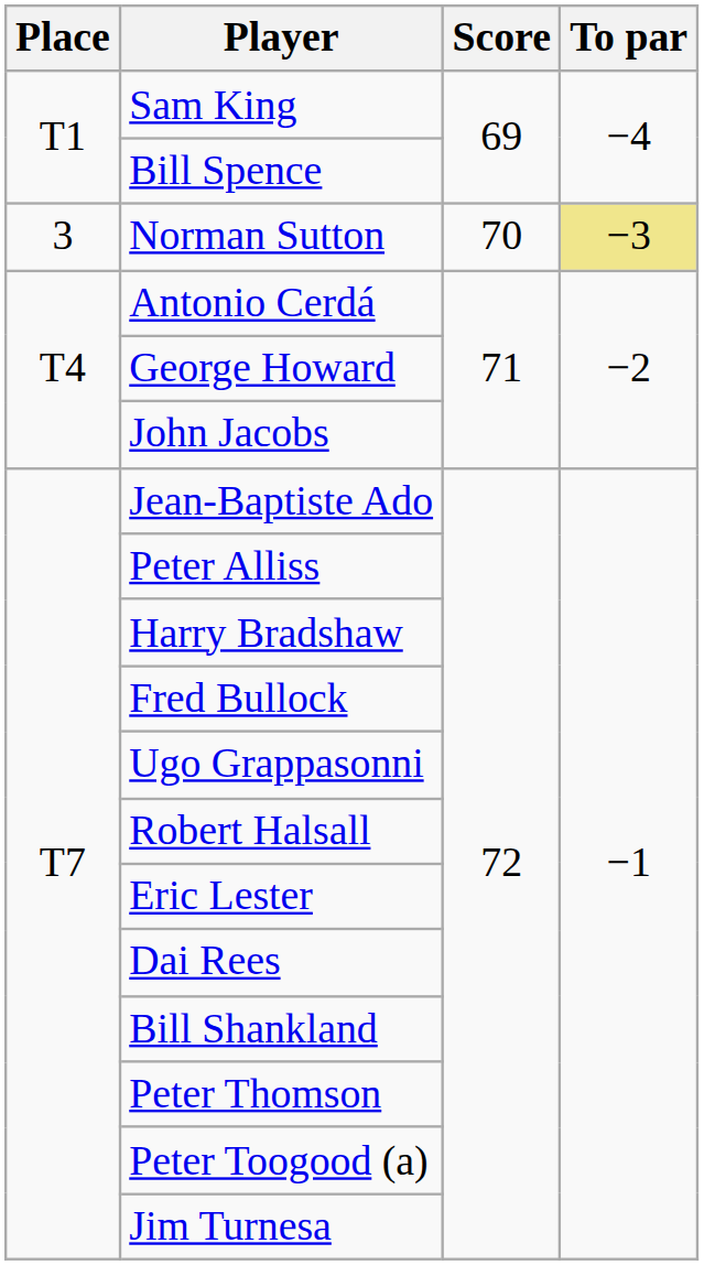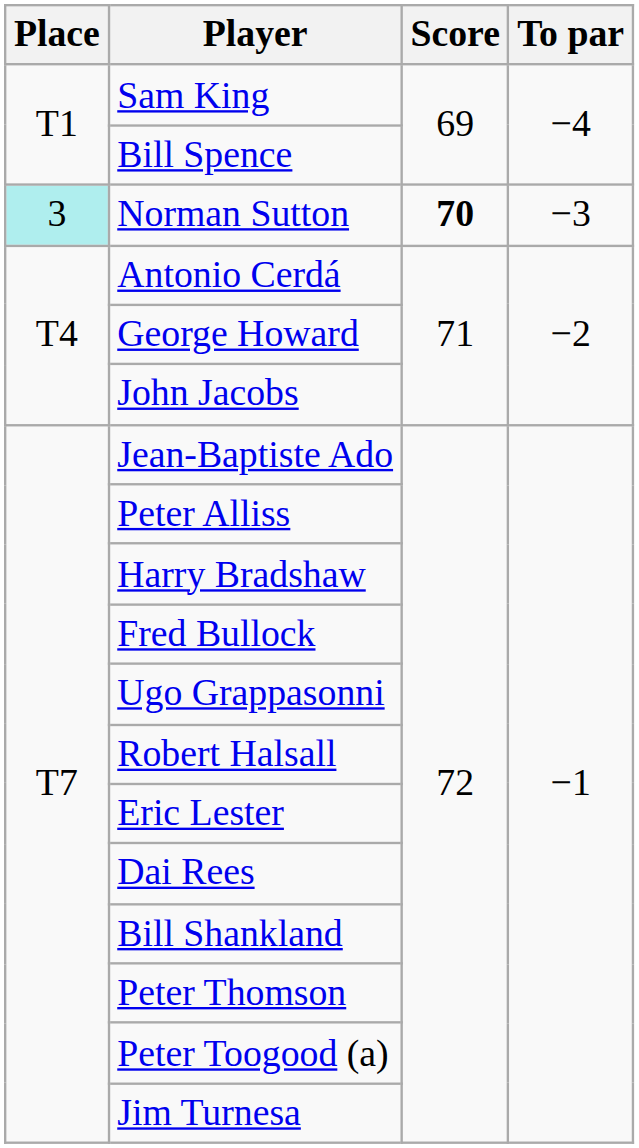 <table class="wikitable">
 <tr>
 <th>Place</th>
 <th>Player</th>
 <th>Score</th>
 <th>To par</th>
 </tr>
 <tr>
 <td rowspan="2" align=center>T1</td>
 <td> <a href='#'>Sam King</a></td>
 <td rowspan="2" align=center>69</td>
 <td rowspan="2" align=center>−4</td>
 </tr>
 <tr>
 <td> <a href='#'>Bill Spence</a></td>
 </tr>
 <tr>
-<td align=center>3</td>
+<td align=center style="background: paleturquoise;">3</td>
 <td> <a href='#'>Norman Sutton</a></td>
-<td align=center>70</td>
-<td align=center style="background: khaki;">−3</td>
+<td align=center><strong>70</strong></td>
+<td align=center>−3</td>
 </tr>
 <tr>
 <td rowspan="3" align=center>T4</td>
 <td> <a href='#'>Antonio Cerdá</a></td>
 <td rowspan="3" align=center>71</td>
 <td rowspan="3" align=center>−2</td>
 </tr>
 <tr>
 <td> <a href='#'>George Howard</a></td>
 </tr>
 <tr>
 <td> <a href='#'>John Jacobs</a></td>
 </tr>
 <tr>
 <td rowspan="12" align=center>T7</td>
 <td> <a href='#'>Jean-Baptiste Ado</a></td>
 <td rowspan="12" align=center>72</td>
 <td rowspan="12" align=center>−1</td>
 </tr>
 <tr>
 <td> <a href='#'>Peter Alliss</a></td>
 </tr>
 <tr>
 <td> <a href='#'>Harry Bradshaw</a></td>
 </tr>
 <tr>
 <td> <a href='#'>Fred Bullock</a></td>
 </tr>
 <tr>
 <td> <a href='#'>Ugo Grappasonni</a></td>
 </tr>
 <tr>
 <td> <a href='#'>Robert Halsall</a></td>
 </tr>
 <tr>
 <td> <a href='#'>Eric Lester</a></td>
 </tr>
 <tr>
 <td> <a href='#'>Dai Rees</a></td>
 </tr>
 <tr>
 <td> <a href='#'>Bill Shankland</a></td>
 </tr>
 <tr>
 <td> <a href='#'>Peter Thomson</a></td>
 </tr>
 <tr>
 <td> <a href='#'>Peter Toogood</a> (a)</td>
 </tr>
 <tr>
 <td> <a href='#'>Jim Turnesa</a></td>
 </tr>
 </table>
